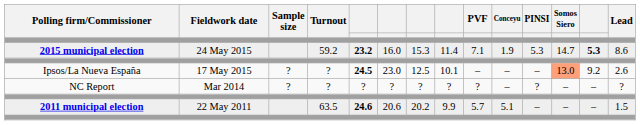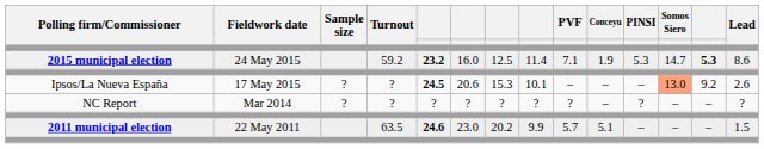 <table class="wikitable collapsible collapsed" style="text-align:center; font-size:95%; line-height:16px;">
 <tr style="height:42px;">
 <th style="width:250px;" rowspan="2">Polling firm/Commissioner</th>
 <th style="width:125px;" rowspan="2">Fieldwork date</th>
 <th style="width:50px;" rowspan="2">Sample size</th>
 <th style="width:45px;" rowspan="2">Turnout</th>
 <th style="width:35px;"></th>
 <th style="width:35px;"></th>
 <th style="width:35px;"></th>
 <th style="width:35px;"></th>
 <th style="width:35px;">PVF</th>
 <th style="width:35px; font-size:70%;">Conceyu</th>
 <th style="width:35px; font-size:90%;">PINSI</th>
 <th style="width:35px; font-size:80%;">Somos<br>Siero</th>
 <th style="width:35px;"></th>
 <th style="width:30px;" rowspan="2">Lead</th>
 </tr>
 <tr>
 <th style="color:inherit;background:"></th>
 <th style="color:inherit;background:"></th>
 <th style="color:inherit;background:"></th>
 <th style="color:inherit;background:"></th>
 <th style="color:inherit;background:"></th>
 <th style="color:inherit;background:"></th>
 <th style="color:inherit;background:"></th>
 <th style="color:inherit;background:"></th>
 <th style="color:inherit;background:"></th>
 </tr>
 <tr>
 <td colspan="14" style="background:#A0A0A0"></td>
 </tr>
 <tr style="background:#EFEFEF;">
 <td><strong><a href='#'>2015 municipal election</a></strong></td>
 <td>24 May 2015</td>
 <td></td>
 <td>59.2</td>
 <td><strong>23.2</strong><br></td>
 <td>16.0<br></td>
-<td>15.3<br></td>
+<td>12.5<br></td>
 <td>11.4<br></td>
 <td>7.1<br></td>
 <td>1.9<br></td>
 <td>5.3<br></td>
 <td>14.7<br></td>
 <td><strong>5.3<br></strong></td>
 <td style="background:">8.6</td>
 </tr>
 <tr>
 <td colspan="14" style="background:#A0A0A0"></td>
 </tr>
 <tr>
 <td>Ipsos/La Nueva España</td>
 <td>17 May 2015</td>
 <td>?</td>
 <td>?</td>
 <td><strong>24.5</strong><br></td>
-<td>23.0<br></td>
-<td>12.5<br></td>
+<td>20.6<br></td>
+<td>15.3<br></td>
 <td>10.1<br></td>
 <td>–</td>
 <td>–</td>
 <td>–</td>
 <td style="background: lightsalmon;">13.0<br></td>
 <td>9.2<br></td>
 <td style="background:">2.6</td>
 </tr>
 <tr>
 <td>NC Report</td>
 <td>Mar 2014</td>
 <td>?</td>
 <td>?</td>
 <td>?<br></td>
 <td>?<br></td>
 <td>?<br></td>
 <td>?<br></td>
 <td>?<br></td>
 <td>–</td>
 <td>?<br></td>
 <td>–</td>
 <td>–</td>
 <td style="background:">?</td>
 </tr>
 <tr>
 <td colspan="14" style="background:#A0A0A0"></td>
 </tr>
 <tr style="background:#EFEFEF;">
 <td><strong><a href='#'>2011 municipal election</a></strong></td>
 <td>22 May 2011</td>
 <td></td>
 <td>63.5</td>
 <td><strong>24.6</strong><br></td>
-<td>20.6<br></td>
+<td>23.0<br></td>
 <td>20.2<br></td>
 <td>9.9<br></td>
 <td>5.7<br></td>
 <td>5.1<br></td>
 <td>–</td>
 <td>–</td>
 <td>–</td>
 <td style="background:">1.5</td>
 </tr>
 <tr>
 <td colspan="14" style="background:#A0A0A0"></td>
 </tr>
 </table>
